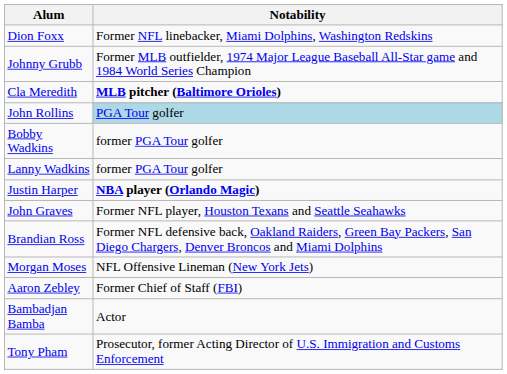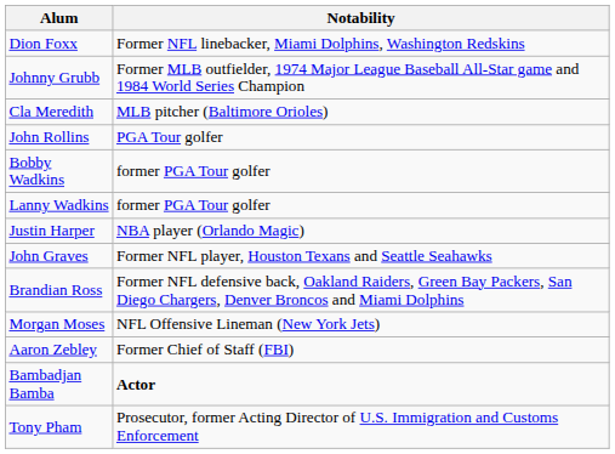 <table class="wikitable">
 <tr>
 <th>Alum</th>
 <th>Notability</th>
 </tr>
 <tr>
 <td><a href='#'>Dion Foxx</a></td>
 <td>Former <a href='#'>NFL</a> linebacker, <a href='#'>Miami Dolphins</a>, <a href='#'>Washington Redskins</a></td>
 </tr>
 <tr>
 <td><a href='#'>Johnny Grubb</a></td>
 <td>Former <a href='#'>MLB</a> outfielder, <a href='#'>1974 Major League Baseball All-Star game</a> and <a href='#'>1984 World Series</a> Champion</td>
 </tr>
 <tr>
 <td><a href='#'>Cla Meredith</a></td>
-<td><strong><a href='#'>MLB</a> pitcher (<a href='#'>Baltimore Orioles</a>)</strong></td>
+<td><a href='#'>MLB</a> pitcher (<a href='#'>Baltimore Orioles</a>)</td>
 </tr>
 <tr>
 <td><a href='#'>John Rollins</a></td>
-<td style="background: lightblue;"><a href='#'>PGA Tour</a> golfer</td>
+<td><a href='#'>PGA Tour</a> golfer</td>
 </tr>
 <tr>
 <td><a href='#'>Bobby Wadkins</a></td>
 <td>former <a href='#'>PGA Tour</a> golfer</td>
 </tr>
 <tr>
 <td><a href='#'>Lanny Wadkins</a></td>
 <td>former <a href='#'>PGA Tour</a> golfer</td>
 </tr>
 <tr>
 <td><a href='#'>Justin Harper</a></td>
-<td><strong><a href='#'>NBA</a> player (<a href='#'>Orlando Magic</a>)</strong></td>
+<td><a href='#'>NBA</a> player (<a href='#'>Orlando Magic</a>)</td>
 </tr>
 <tr>
 <td><a href='#'>John Graves</a></td>
 <td>Former NFL player, <a href='#'>Houston Texans</a> and <a href='#'>Seattle Seahawks</a></td>
 </tr>
 <tr>
 <td><a href='#'>Brandian Ross</a></td>
 <td>Former NFL defensive back, <a href='#'>Oakland Raiders</a>, <a href='#'>Green Bay Packers</a>, <a href='#'>San Diego Chargers</a>, <a href='#'>Denver Broncos</a> and <a href='#'>Miami Dolphins</a></td>
 </tr>
 <tr>
 <td><a href='#'>Morgan Moses</a></td>
 <td>NFL Offensive Lineman (<a href='#'>New York Jets</a>)</td>
 </tr>
 <tr>
 <td><a href='#'>Aaron Zebley</a></td>
 <td>Former Chief of Staff (<a href='#'>FBI</a>)</td>
 </tr>
 <tr>
 <td><a href='#'>Bambadjan Bamba</a></td>
-<td>Actor</td>
+<td><strong>Actor</strong></td>
 </tr>
 <tr>
 <td><a href='#'>Tony Pham</a></td>
 <td>Prosecutor, former Acting Director of <a href='#'>U.S. Immigration and Customs Enforcement</a></td>
 </tr>
 </table>
